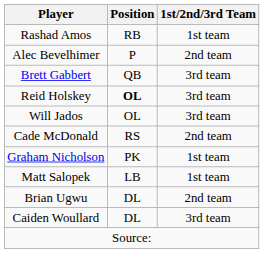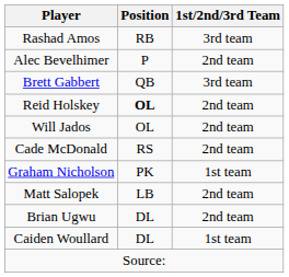 <table class="wikitable" style="text-align: center">
 <tr align=center>
 <th>Player</th>
 <th>Position</th>
 <th>1st/2nd/3rd Team</th>
 </tr>
 <tr>
 <td>Rashad Amos</td>
 <td>RB</td>
-<td>1st team</td>
+<td>3rd team</td>
 </tr>
 <tr>
 <td>Alec Bevelhimer</td>
 <td>P</td>
 <td>2nd team</td>
 </tr>
 <tr>
 <td><a href='#'>Brett Gabbert</a></td>
 <td>QB</td>
 <td>3rd team</td>
 </tr>
 <tr>
 <td>Reid Holskey</td>
 <td><strong>OL</strong></td>
-<td>3rd team</td>
+<td>2nd team</td>
 </tr>
 <tr>
 <td>Will Jados</td>
 <td>OL</td>
-<td>3rd team</td>
+<td>2nd team</td>
 </tr>
 <tr>
 <td>Cade McDonald</td>
 <td>RS</td>
 <td>2nd team</td>
 </tr>
 <tr>
 <td><a href='#'>Graham Nicholson</a></td>
 <td>PK</td>
 <td>1st team</td>
 </tr>
 <tr>
 <td>Matt Salopek</td>
 <td>LB</td>
-<td>1st team</td>
+<td>2nd team</td>
 </tr>
 <tr>
 <td>Brian Ugwu</td>
 <td>DL</td>
 <td>2nd team</td>
 </tr>
 <tr>
 <td>Caiden Woullard</td>
 <td>DL</td>
-<td>3rd team</td>
+<td>1st team</td>
 </tr>
 <tr>
 <td colspan="3">Source:</td>
 </tr>
 </table>
